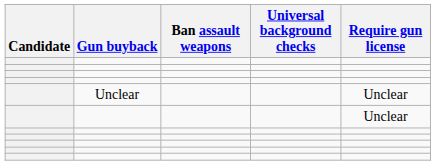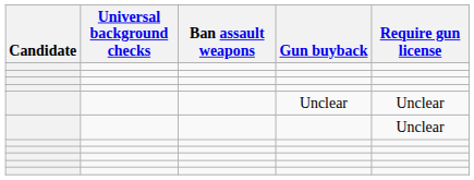 <table class="wikitable sortable" style=margin:auto;table-layout:fixed;text-align:center>
 <tr valign=bottom>
 <th>Candidate</th>
+<th style=max-width:6em><a href='#'>Universal background checks</a></th>
+<th style=max-width:6em>Ban <a href='#'>assault weapons</a></th>
 <th style=max-width:6em><a href='#'>Gun buyback</a></th>
-<th style=max-width:6em>Ban <a href='#'>assault weapons</a></th>
-<th style=max-width:6em><a href='#'>Universal background checks</a></th>
 <th style=max-width:6em><a href='#'>Require gun license</a></th>
 </tr>
 <tr>
 <th></th>
 <td></td>
 <td></td>
 <td></td>
 <td></td>
 </tr>
 <tr>
 <th></th>
 <td></td>
 <td></td>
 <td></td>
 <td></td>
 </tr>
 <tr>
 <th></th>
 <td></td>
 <td></td>
 <td></td>
 <td></td>
 </tr>
 <tr>
 <th></th>
 <td></td>
 <td></td>
 <td></td>
 <td></td>
 </tr>
 <tr>
 <th></th>
-<td>Unclear</td>
 <td></td>
 <td></td>
+<td>Unclear</td>
 <td>Unclear</td>
 </tr>
 <tr>
 <th></th>
 <td></td>
 <td></td>
 <td></td>
 <td>Unclear</td>
 </tr>
 <tr>
 <th></th>
 <td></td>
 <td></td>
 <td></td>
 <td></td>
 </tr>
 <tr>
 <th></th>
 <td></td>
 <td></td>
 <td></td>
 <td></td>
 </tr>
 <tr>
 <th></th>
 <td></td>
 <td></td>
 <td></td>
 <td></td>
 </tr>
 <tr>
 <th></th>
 <td></td>
 <td></td>
 <td></td>
 <td></td>
 </tr>
 <tr>
 <th></th>
 <td></td>
 <td></td>
 <td></td>
 <td></td>
 </tr>
 </table>
